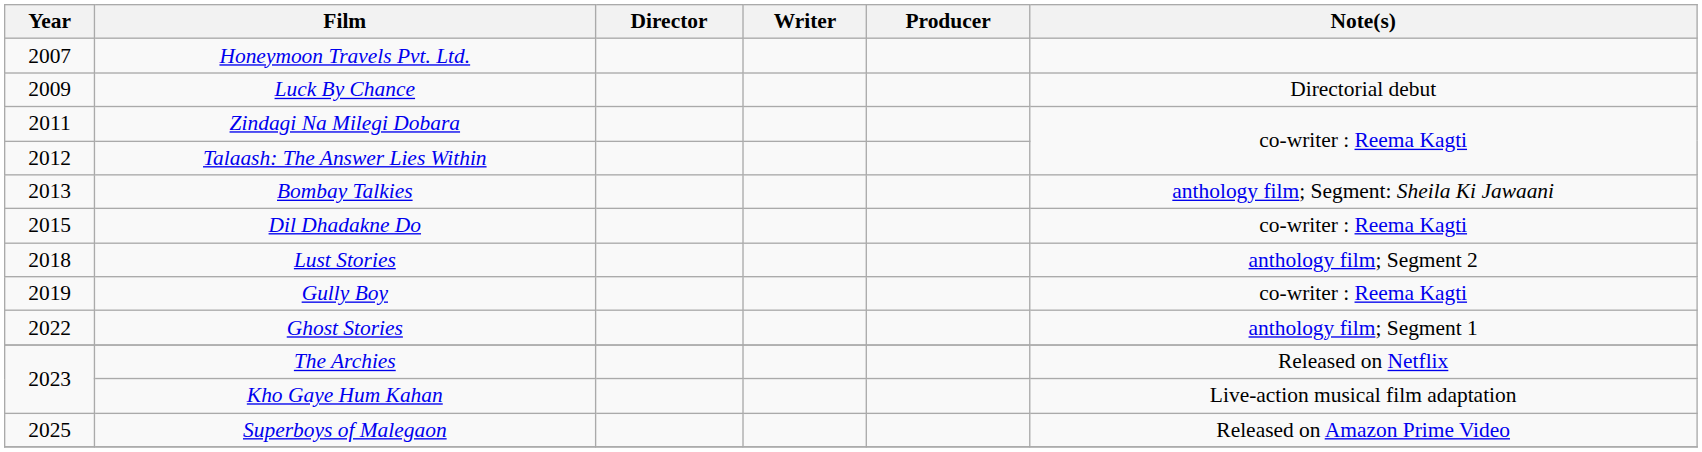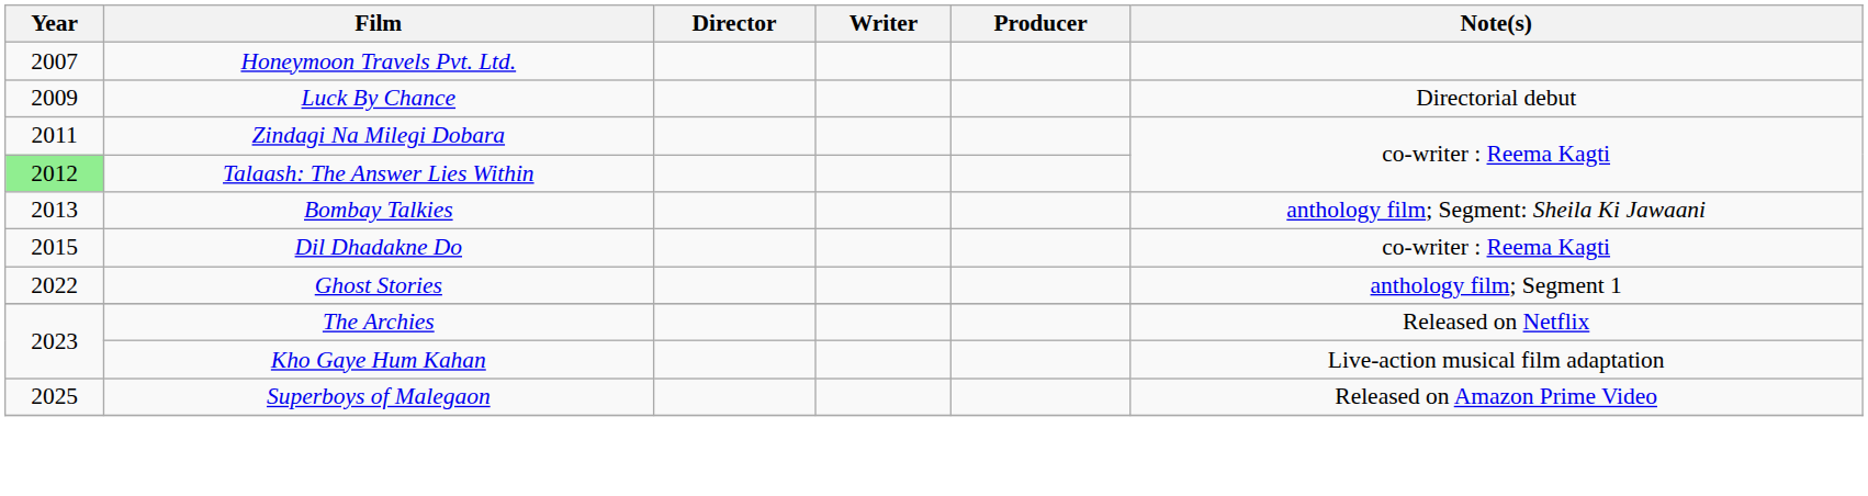 <table class="wikitable sortable" style="width: 100%; text-align: center;">
 <tr>
 <th>Year</th>
 <th>Film</th>
 <th>Director</th>
 <th>Writer</th>
 <th>Producer</th>
 <th>Note(s)</th>
 </tr>
 <tr>
 <td>2007</td>
 <td><em><a href='#'>Honeymoon Travels Pvt. Ltd.</a></em></td>
 <td></td>
 <td></td>
 <td></td>
 <td></td>
 </tr>
 <tr>
 <td>2009</td>
 <td><em><a href='#'>Luck By Chance</a></em></td>
 <td></td>
 <td></td>
 <td></td>
 <td>Directorial debut</td>
 </tr>
 <tr>
 <td>2011</td>
 <td><em><a href='#'>Zindagi Na Milegi Dobara</a></em></td>
 <td></td>
 <td></td>
 <td></td>
 <td rowspan="2">co-writer : <a href='#'>Reema Kagti</a></td>
 </tr>
 <tr>
-<td>2012</td>
+<td style="background: lightgreen;">2012</td>
 <td><em><a href='#'>Talaash: The Answer Lies Within</a></em></td>
 <td></td>
 <td></td>
 <td></td>
 </tr>
 <tr>
 <td>2013</td>
 <td><em><a href='#'>Bombay Talkies</a></em></td>
 <td></td>
 <td></td>
 <td></td>
 <td><a href='#'>anthology film</a>; Segment: <em>Sheila Ki Jawaani</em></td>
 </tr>
 <tr>
 <td>2015</td>
 <td><em><a href='#'>Dil Dhadakne Do</a></em></td>
-<td></td>
-<td></td>
-<td></td>
-<td>co-writer : <a href='#'>Reema Kagti</a></td>
-</tr>
-<tr>
-<td>2018</td>
-<td><em><a href='#'>Lust Stories</a></em></td>
-<td></td>
-<td></td>
-<td></td>
-<td><a href='#'>anthology film</a>; Segment 2</td>
-</tr>
-<tr>
-<td>2019</td>
-<td><em><a href='#'>Gully Boy</a></em></td>
 <td></td>
 <td></td>
 <td></td>
 <td>co-writer : <a href='#'>Reema Kagti</a></td>
 </tr>
 <tr>
 <td>2022</td>
 <td><em><a href='#'>Ghost Stories</a></em></td>
 <td></td>
 <td></td>
 <td></td>
 <td><a href='#'>anthology film</a>; Segment 1</td>
 </tr>
 <tr>
 </tr>
 <tr>
 <td rowspan=2>2023</td>
 <td><em><a href='#'>The Archies</a></em></td>
 <td></td>
 <td></td>
 <td></td>
 <td>Released on <a href='#'>Netflix</a></td>
 </tr>
 <tr>
 <td><em><a href='#'>Kho Gaye Hum Kahan</a></em></td>
 <td></td>
 <td></td>
 <td></td>
 <td>Live-action musical film adaptation</td>
 </tr>
 <tr>
 <td>2025</td>
 <td><em><a href='#'>Superboys of Malegaon</a></em></td>
 <td></td>
 <td></td>
 <td></td>
 <td>Released on <a href='#'>Amazon Prime Video</a></td>
 </tr>
 <tr>
 </tr>
 </table>
